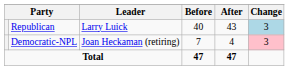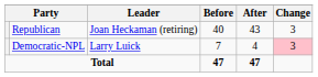 <table class="wikitable" style="text-align:center;">
 <tr>
 </tr>
 <tr>
 <th colspan=2>Party</th>
 <th>Leader</th>
 <th style="width:3em">Before</th>
 <th style="width:3em">After</th>
 <th style="width:3em">Change</th>
 </tr>
 <tr>
 <th style="background-color:"></th>
 <td style="text-align:left;"><a href='#'>Republican</a></td>
-<td style="text-align:left;"><a href='#'>Larry Luick</a></td>
+<td style="text-align:left;"><a href='#'>Joan Heckaman</a> (retiring)</td>
 <td>40</td>
 <td>43</td>
-<td style="background: lightblue;"> 3</td>
+<td> 3</td>
 </tr>
 <tr>
 <th style="background-color:"></th>
 <td style="text-align:left;"><a href='#'>Democratic-NPL</a></td>
-<td style="text-align:left;"><a href='#'>Joan Heckaman</a> (retiring)</td>
+<td style="text-align:left;"><a href='#'>Larry Luick</a></td>
 <td>7</td>
 <td>4</td>
 <td style="background: pink;"> 3</td>
 </tr>
 <tr>
 <td colspan=3><strong>Total</strong></td>
 <td><strong>47</strong></td>
 <td><strong>47</strong></td>
 <td></td>
 </tr>
 </table>
